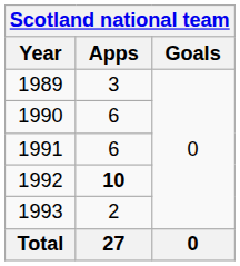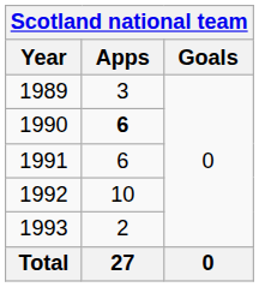 <table class="wikitable" style="text-align:center">
 <tr>
 <th colspan=3><a href='#'>Scotland national team</a></th>
 </tr>
 <tr>
 <th>Year</th>
 <th>Apps</th>
 <th>Goals</th>
 </tr>
 <tr>
 <td>1989</td>
 <td>3</td>
 <td rowspan=5>0</td>
 </tr>
 <tr>
 <td>1990</td>
-<td>6</td>
+<td><strong>6</strong></td>
 </tr>
 <tr>
 <td>1991</td>
 <td>6</td>
 </tr>
 <tr>
 <td>1992</td>
-<td><strong>10</strong></td>
+<td>10</td>
 </tr>
 <tr>
 <td>1993</td>
 <td>2</td>
 </tr>
 <tr>
 <th>Total</th>
 <th>27</th>
 <th>0</th>
 </tr>
 </table>
